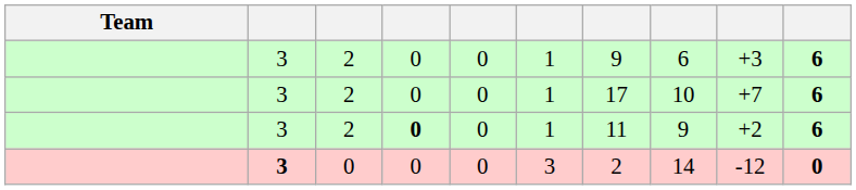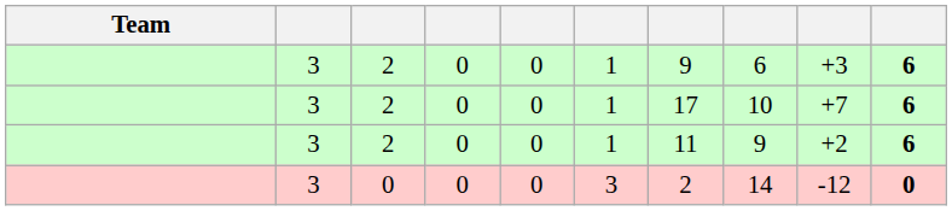 <table class="wikitable" style="text-align:center;">
 <tr>
 <th width=165>Team</th>
 <th width=40></th>
 <th width=40></th>
 <th width=40></th>
 <th width=40></th>
 <th width=40></th>
 <th width=40></th>
 <th width=40></th>
 <th width=40></th>
 <th width=40></th>
 </tr>
 <tr bgcolor=ccffcc>
 <td style="text-align:left;"></td>
 <td>3</td>
 <td>2</td>
 <td>0</td>
 <td>0</td>
 <td>1</td>
 <td>9</td>
 <td>6</td>
 <td>+3</td>
 <td><strong>6</strong></td>
 </tr>
 <tr bgcolor=ccffcc>
 <td style="text-align:left;"></td>
 <td>3</td>
 <td>2</td>
 <td>0</td>
 <td>0</td>
 <td>1</td>
 <td>17</td>
 <td>10</td>
 <td>+7</td>
 <td><strong>6</strong></td>
 </tr>
 <tr bgcolor=ccffcc>
 <td style="text-align:left;"></td>
 <td>3</td>
 <td>2</td>
-<td><strong>0</strong></td>
+<td>0</td>
 <td>0</td>
 <td>1</td>
 <td>11</td>
 <td>9</td>
 <td>+2</td>
 <td><strong>6</strong></td>
 </tr>
 <tr bgcolor=ffcccc>
 <td style="text-align:left;"></td>
-<td><strong>3</strong></td>
+<td>3</td>
 <td>0</td>
 <td>0</td>
 <td>0</td>
 <td>3</td>
 <td>2</td>
 <td>14</td>
 <td>-12</td>
 <td><strong>0</strong></td>
 </tr>
 </table>
